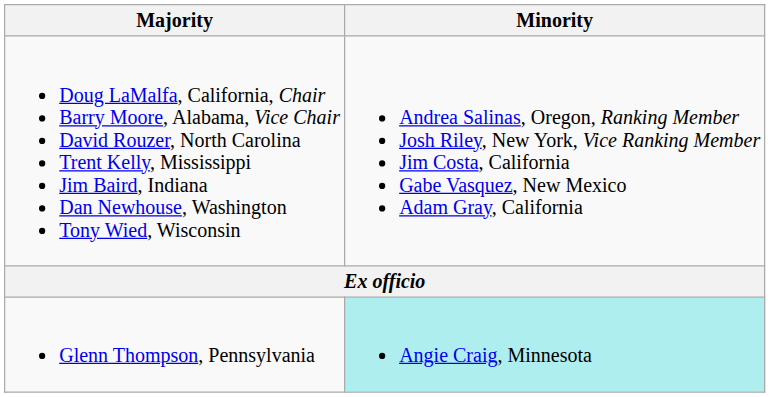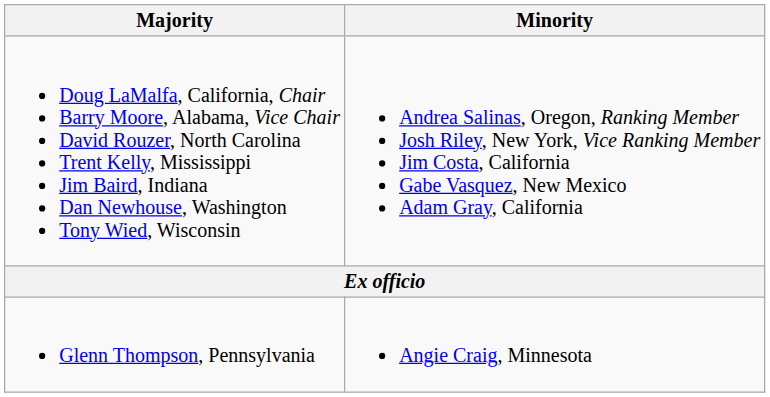 <table class=wikitable>
 <tr>
 <th>Majority</th>
 <th>Minority</th>
 </tr>
 <tr>
 <td><br><ul><li><a href='#'>Doug LaMalfa</a>, California, <em>Chair</em></li><li><a href='#'>Barry Moore</a>, Alabama, <em>Vice Chair</em></li><li><a href='#'>David Rouzer</a>, North Carolina</li><li><a href='#'>Trent Kelly</a>, Mississippi</li><li><a href='#'>Jim Baird</a>, Indiana</li><li><a href='#'>Dan Newhouse</a>, Washington</li><li><a href='#'>Tony Wied</a>, Wisconsin</li></ul></td>
 <td><br><ul><li><a href='#'>Andrea Salinas</a>, Oregon, <em>Ranking Member</em></li><li><a href='#'>Josh Riley</a>, New York, <em>Vice Ranking Member</em></li><li><a href='#'>Jim Costa</a>, California</li><li><a href='#'>Gabe Vasquez</a>, New Mexico</li><li><a href='#'>Adam Gray</a>, California</li></ul></td>
 </tr>
 <tr>
 <th colspan=2><em>Ex officio</em></th>
 </tr>
 <tr>
 <td><br><ul><li><a href='#'>Glenn Thompson</a>, Pennsylvania</li></ul></td>
-<td style="background: paleturquoise;"><br><ul><li><a href='#'>Angie Craig</a>, Minnesota</li></ul></td>
+<td><br><ul><li><a href='#'>Angie Craig</a>, Minnesota</li></ul></td>
 </tr>
 </table>
